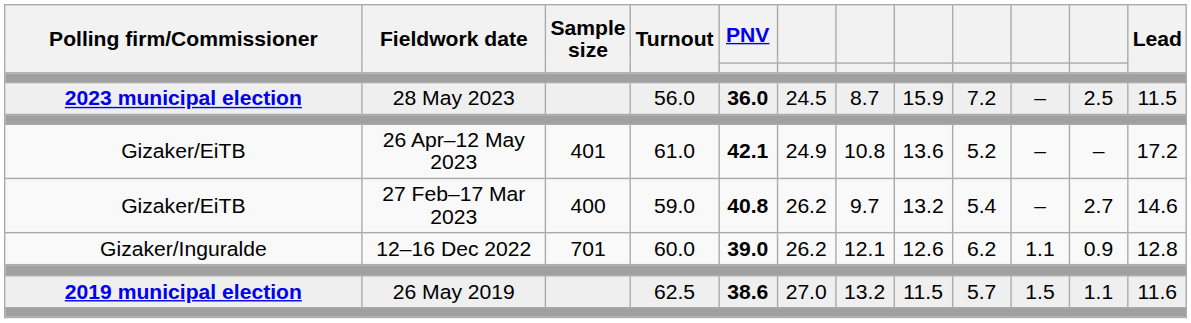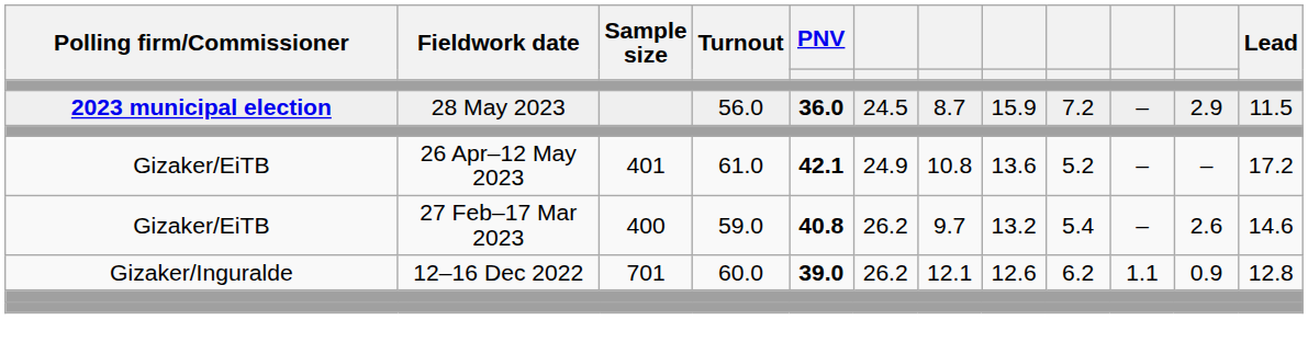 <table class="wikitable collapsible collapsed" style="text-align:center; font-size:95%; line-height:16px;">
 <tr style="height:42px;">
 <th style="width:250px;" rowspan="2">Polling firm/Commissioner</th>
 <th style="width:125px;" rowspan="2">Fieldwork date</th>
 <th style="width:50px;" rowspan="2">Sample size</th>
 <th style="width:45px;" rowspan="2">Turnout</th>
 <th style="width:35px;"><a href='#'>PNV</a></th>
 <th style="width:35px;"></th>
 <th style="width:35px;"></th>
 <th style="width:35px;"></th>
 <th style="width:35px;"></th>
 <th style="width:35px;"></th>
 <th style="width:35px;"></th>
 <th style="width:30px;" rowspan="2">Lead</th>
 </tr>
 <tr>
 <th style="color:inherit;background:"></th>
 <th style="color:inherit;background:"></th>
 <th style="color:inherit;background:"></th>
 <th style="color:inherit;background:"></th>
 <th style="color:inherit;background:"></th>
 <th style="color:inherit;background:"></th>
 <th style="color:inherit;background:"></th>
 </tr>
 <tr>
 <td colspan="12" style="background:#A0A0A0"></td>
 </tr>
 <tr style="background:#EFEFEF;">
 <td><strong><a href='#'>2023 municipal election</a></strong></td>
 <td>28 May 2023</td>
 <td></td>
 <td>56.0</td>
 <td><strong>36.0</strong><br></td>
 <td>24.5<br></td>
 <td>8.7<br></td>
 <td>15.9<br></td>
 <td>7.2<br></td>
 <td>–</td>
-<td>2.5<br></td>
+<td>2.9<br></td>
 <td style="background:">11.5</td>
 </tr>
 <tr>
 <td colspan="12" style="background:#A0A0A0"></td>
 </tr>
 <tr>
 <td>Gizaker/EiTB</td>
 <td>26 Apr–12 May 2023</td>
 <td>401</td>
 <td>61.0</td>
 <td><strong>42.1</strong><br></td>
 <td>24.9<br></td>
 <td>10.8<br></td>
 <td>13.6<br></td>
 <td>5.2<br></td>
 <td>–</td>
 <td>–</td>
 <td style="background:">17.2</td>
 </tr>
 <tr>
 <td>Gizaker/EiTB</td>
 <td>27 Feb–17 Mar 2023</td>
 <td>400</td>
 <td>59.0</td>
 <td><strong>40.8</strong><br></td>
 <td>26.2<br></td>
 <td>9.7<br></td>
 <td>13.2<br></td>
 <td>5.4<br></td>
 <td>–</td>
-<td>2.7<br></td>
+<td>2.6<br></td>
 <td style="background:">14.6</td>
 </tr>
 <tr>
 <td>Gizaker/Inguralde</td>
 <td>12–16 Dec 2022</td>
 <td>701</td>
 <td>60.0</td>
 <td><strong>39.0</strong><br></td>
 <td>26.2<br></td>
 <td>12.1<br></td>
 <td>12.6<br></td>
 <td>6.2<br></td>
 <td>1.1<br></td>
 <td>0.9<br></td>
 <td style="background:">12.8</td>
 </tr>
 <tr>
 <td colspan="12" style="background:#A0A0A0"></td>
 </tr>
-<tr style="background:#EFEFEF;">
-<td><strong><a href='#'>2019 municipal election</a></strong></td>
-<td>26 May 2019</td>
-<td></td>
-<td>62.5</td>
-<td><strong>38.6</strong><br></td>
-<td>27.0<br></td>
-<td>13.2<br></td>
-<td>11.5<br></td>
-<td>5.7<br></td>
-<td>1.5<br></td>
-<td>1.1<br></td>
-<td style="background:">11.6</td>
-</tr>
 <tr>
 <td colspan="12" style="background:#A0A0A0"></td>
 </tr>
 </table>
